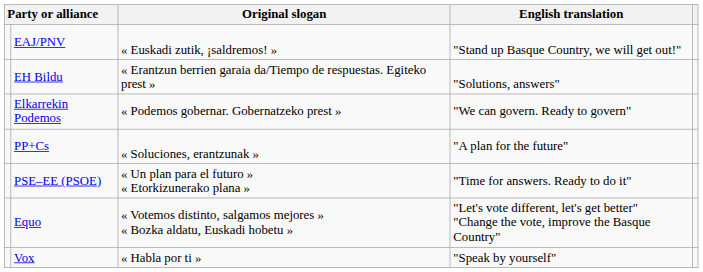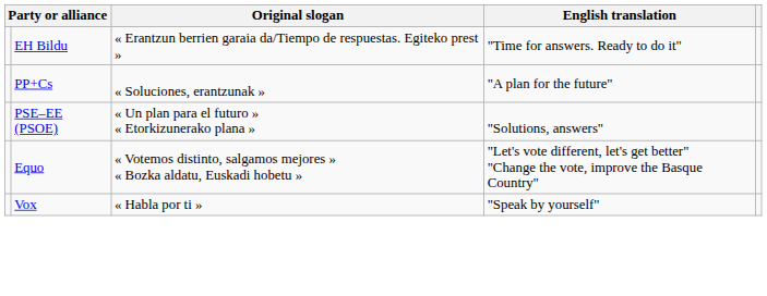 <table class="wikitable" style="text-align:left;">
 <tr>
 <th style="text-align:left;" colspan="2">Party or alliance</th>
 <th>Original slogan</th>
 <th>English translation</th>
 <th></th>
 </tr>
 <tr>
-<td width="1" style="color:inherit;background:"></td>
-<td><a href='#'>EAJ/PNV</a></td>
-<td><br>« Euskadi zutik, ¡saldremos! »</td>
-<td><br>"Stand up Basque Country, we will get out!"</td>
-<td><br></td>
-</tr>
-<tr>
 <td style="color:inherit;background:"></td>
 <td><a href='#'>EH Bildu</a></td>
 <td>« Erantzun berrien garaia da/Tiempo de respuestas. Egiteko prest »</td>
-<td><br>"Solutions, answers"</td>
-<td></td>
-</tr>
-<tr>
-<td style="color:inherit;background:"></td>
-<td><a href='#'>Elkarrekin Podemos</a></td>
-<td>« Podemos gobernar. Gobernatzeko prest »</td>
-<td>"We can govern. Ready to govern"</td>
+<td>"Time for answers. Ready to do it"</td>
 <td></td>
 </tr>
 <tr>
 <td style="color:inherit;background:"></td>
 <td><a href='#'>PP+Cs</a></td>
 <td><br>« Soluciones, erantzunak »</td>
 <td>"A plan for the future"</td>
 <td></td>
 </tr>
 <tr>
 <td style="color:inherit;background:"></td>
 <td><a href='#'>PSE–EE (PSOE)</a></td>
 <td>« Un plan para el futuro »<br>« Etorkizunerako plana »</td>
-<td>"Time for answers. Ready to do it"</td>
+<td><br>"Solutions, answers"</td>
 <td><br></td>
 </tr>
 <tr>
 <td style="color:inherit;background:"></td>
 <td><a href='#'>Equo</a></td>
 <td>« Votemos distinto, salgamos mejores »<br>« Bozka aldatu, Euskadi hobetu »</td>
 <td>"Let's vote different, let's get better"<br>"Change the vote, improve the Basque Country"</td>
 <td></td>
 </tr>
 <tr>
 <td style="color:inherit;background:"></td>
 <td><a href='#'>Vox</a></td>
 <td>« Habla por ti »</td>
 <td>"Speak by yourself"</td>
 <td></td>
 </tr>
 </table>
